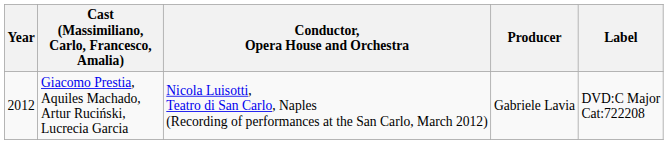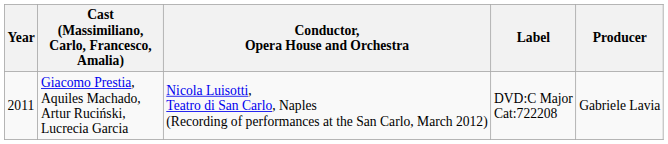 <table class="wikitable">
 <tr>
 <th>Year</th>
 <th width="140">Cast <br>(Massimiliano, Carlo, Francesco, Amalia)</th>
 <th>Conductor,<br>Opera House and Orchestra</th>
+<th>Label</th>
 <th>Producer</th>
-<th>Label</th>
 </tr>
 <tr>
-<td>2012</td>
+<td>2011</td>
 <td><a href='#'>Giacomo Prestia</a>,<br>Aquiles Machado,<br>Artur Ruciński,<br> Lucrecia Garcia</td>
 <td><a href='#'>Nicola Luisotti</a>,<br><a href='#'>Teatro di San Carlo</a>, Naples<br>(Recording of performances at the San Carlo, March 2012)</td>
+<td>DVD:C Major<br>Cat:722208</td>
 <td>Gabriele Lavia</td>
-<td>DVD:C Major<br>Cat:722208</td>
 </tr>
 </table>
